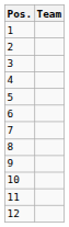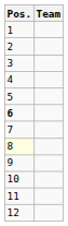 <table class="wikitable">
 <tr>
 <th>Pos.</th>
 <th>Team</th>
 </tr>
 <tr>
 <td>1</td>
 <td></td>
 </tr>
 <tr>
 <td>2</td>
 <td></td>
 </tr>
 <tr>
 <td>3</td>
 <td></td>
 </tr>
 <tr>
 <td>4</td>
 <td></td>
 </tr>
 <tr>
 <td>5</td>
 <td></td>
 </tr>
 <tr>
-<td>6</td>
+<td><strong>6</strong></td>
 <td></td>
 </tr>
 <tr>
 <td>7</td>
 <td></td>
 </tr>
 <tr>
-<td>8</td>
+<td style="background: lightyellow;">8</td>
 <td></td>
 </tr>
 <tr>
 <td>9</td>
 <td></td>
 </tr>
 <tr>
 <td>10</td>
 <td></td>
 </tr>
 <tr>
 <td>11</td>
 <td></td>
 </tr>
 <tr>
 <td>12</td>
 <td></td>
 </tr>
 </table>
